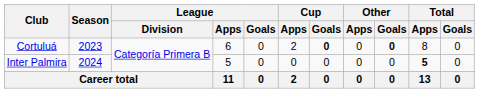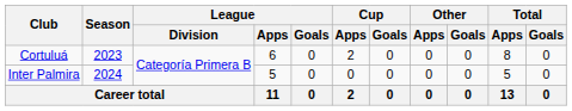 <table class=wikitable style=text-align:center>
 <tr>
 <th rowspan="2">Club</th>
 <th rowspan="2">Season</th>
 <th colspan="3">League</th>
 <th colspan="2">Cup</th>
 <th colspan="2">Other</th>
 <th colspan="2">Total</th>
 </tr>
 <tr>
 <th>Division</th>
 <th>Apps</th>
 <th>Goals</th>
 <th>Apps</th>
 <th>Goals</th>
 <th>Apps</th>
 <th>Goals</th>
 <th>Apps</th>
 <th>Goals</th>
 </tr>
 <tr>
 <td><a href='#'>Cortuluá</a></td>
 <td><a href='#'>2023</a></td>
 <td rowspan="2"><a href='#'>Categoría Primera B</a></td>
 <td>6</td>
 <td>0</td>
 <td>2</td>
-<td><strong>0</strong></td>
 <td>0</td>
-<td><strong>0</strong></td>
+<td>0</td>
+<td>0</td>
 <td>8</td>
 <td>0</td>
 </tr>
 <tr>
 <td><a href='#'>Inter Palmira</a></td>
 <td><a href='#'>2024</a></td>
 <td>5</td>
 <td>0</td>
 <td>0</td>
 <td>0</td>
 <td>0</td>
 <td>0</td>
-<td><strong>5</strong></td>
+<td>5</td>
 <td>0</td>
 </tr>
 <tr>
 <th colspan="3"><strong>Career total</strong></th>
 <th>11</th>
 <th>0</th>
 <th>2</th>
 <th>0</th>
 <th>0</th>
 <th>0</th>
 <th>13</th>
 <th>0</th>
 </tr>
 </table>
